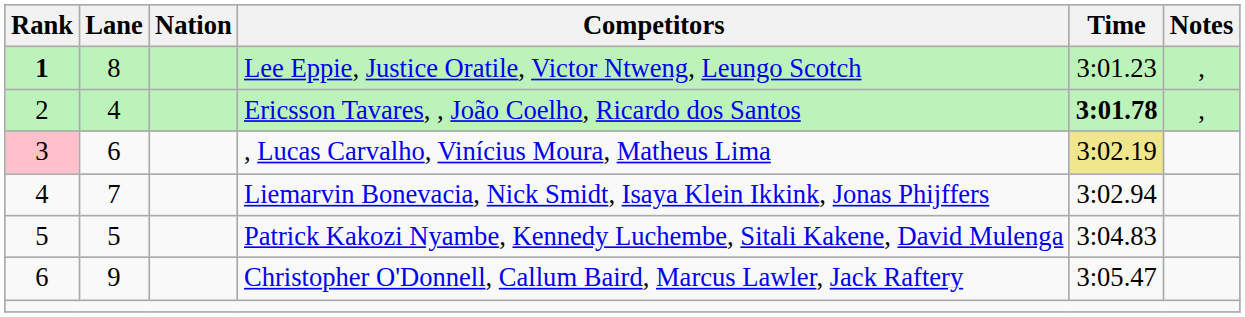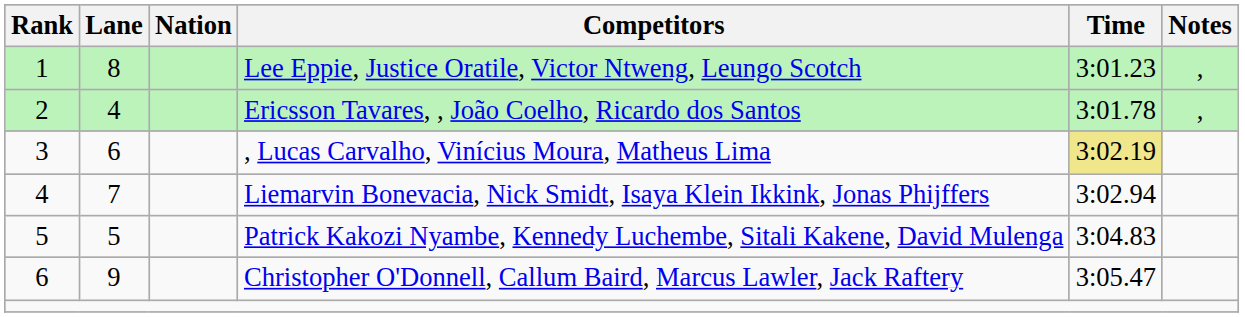 <table class="wikitable sortable" style="text-align:center">
 <tr>
 <th>Rank</th>
 <th>Lane</th>
 <th>Nation</th>
 <th>Competitors</th>
 <th>Time</th>
 <th>Notes</th>
 </tr>
 <tr bgcolor="#bbf3bb">
-<td><strong>1</strong></td>
+<td>1</td>
 <td>8</td>
 <td align="left"></td>
 <td align="left"><a href='#'>Lee Eppie</a>, <a href='#'>Justice Oratile</a>, <a href='#'>Victor Ntweng</a>, <a href='#'>Leungo Scotch</a></td>
 <td>3:01.23</td>
 <td>, </td>
 </tr>
 <tr bgcolor="#bbf3bb">
 <td>2</td>
 <td>4</td>
 <td align="left"></td>
 <td align="left"><a href='#'>Ericsson Tavares</a>, , <a href='#'>João Coelho</a>, <a href='#'>Ricardo dos Santos</a></td>
-<td><strong>3:01.78</strong></td>
+<td>3:01.78</td>
 <td>, <strong></strong></td>
 </tr>
 <tr>
-<td style="background: pink;">3</td>
+<td>3</td>
 <td>6</td>
 <td align="left"></td>
 <td align="left">, <a href='#'>Lucas Carvalho</a>, <a href='#'>Vinícius Moura</a>, <a href='#'>Matheus Lima</a></td>
 <td style="background: khaki;">3:02.19</td>
 <td></td>
 </tr>
 <tr>
 <td>4</td>
 <td>7</td>
 <td align="left"></td>
 <td align="left"><a href='#'>Liemarvin Bonevacia</a>, <a href='#'>Nick Smidt</a>, <a href='#'>Isaya Klein Ikkink</a>, <a href='#'>Jonas Phijffers</a></td>
 <td>3:02.94</td>
 <td></td>
 </tr>
 <tr>
 <td>5</td>
 <td>5</td>
 <td align="left"></td>
 <td align="left"><a href='#'>Patrick Kakozi Nyambe</a>, <a href='#'>Kennedy Luchembe</a>, <a href='#'>Sitali Kakene</a>, <a href='#'>David Mulenga</a></td>
 <td>3:04.83</td>
 <td></td>
 </tr>
 <tr>
 <td>6</td>
 <td>9</td>
 <td align="left"></td>
 <td align="left"><a href='#'>Christopher O'Donnell</a>, <a href='#'>Callum Baird</a>, <a href='#'>Marcus Lawler</a>, <a href='#'>Jack Raftery</a></td>
 <td>3:05.47</td>
 <td></td>
 </tr>
 <tr class="sortbottom">
 <td colspan="6"></td>
 </tr>
 </table>
